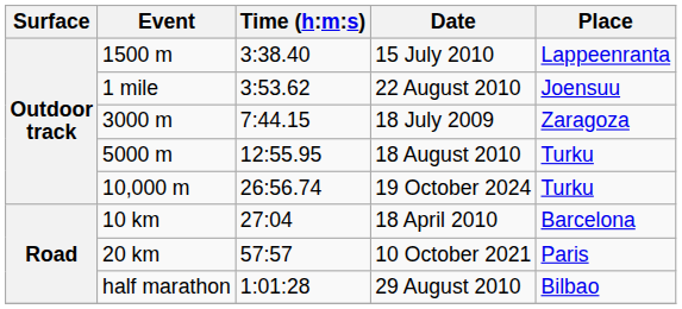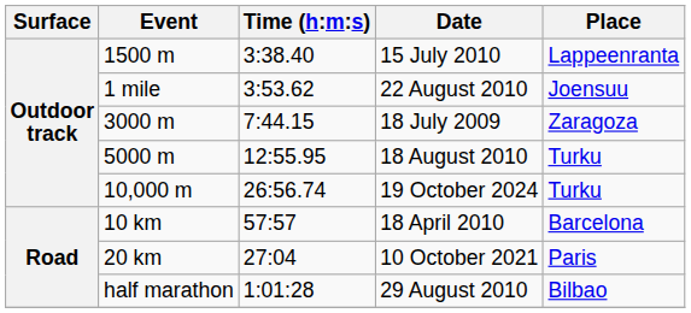 <table class="wikitable">
 <tr>
 <th>Surface</th>
 <th>Event</th>
 <th>Time (<a href='#'>h</a>:<a href='#'>m</a>:<a href='#'>s</a>)</th>
 <th>Date</th>
 <th>Place</th>
 </tr>
 <tr>
 <th rowspan=5>Outdoor<br>track</th>
 <td>1500 m</td>
 <td>3:38.40</td>
 <td>15 July 2010</td>
 <td><a href='#'>Lappeenranta</a></td>
 </tr>
 <tr>
 <td>1 mile</td>
 <td>3:53.62</td>
 <td>22 August 2010</td>
 <td><a href='#'>Joensuu</a></td>
 </tr>
 <tr>
 <td>3000 m</td>
 <td>7:44.15</td>
 <td>18 July 2009</td>
 <td><a href='#'>Zaragoza</a></td>
 </tr>
 <tr>
 <td>5000 m</td>
 <td>12:55.95</td>
 <td>18 August 2010</td>
 <td><a href='#'>Turku</a></td>
 </tr>
 <tr>
 <td>10,000 m</td>
 <td>26:56.74</td>
 <td>19 October 2024</td>
 <td><a href='#'>Turku</a></td>
 </tr>
 <tr>
 <th rowspan=3>Road</th>
 <td>10 km</td>
-<td>27:04</td>
+<td>57:57</td>
 <td>18 April 2010</td>
 <td><a href='#'>Barcelona</a></td>
 </tr>
 <tr>
 <td>20 km</td>
-<td>57:57</td>
+<td>27:04</td>
 <td>10 October 2021</td>
 <td><a href='#'>Paris</a></td>
 </tr>
 <tr>
 <td>half marathon</td>
 <td>1:01:28</td>
 <td>29 August 2010</td>
 <td><a href='#'>Bilbao</a></td>
 </tr>
 <tr>
 </tr>
 </table>
